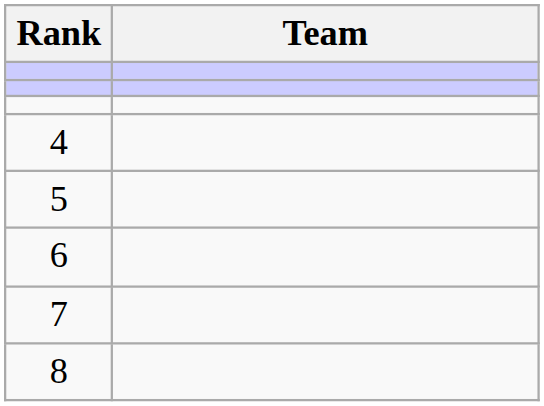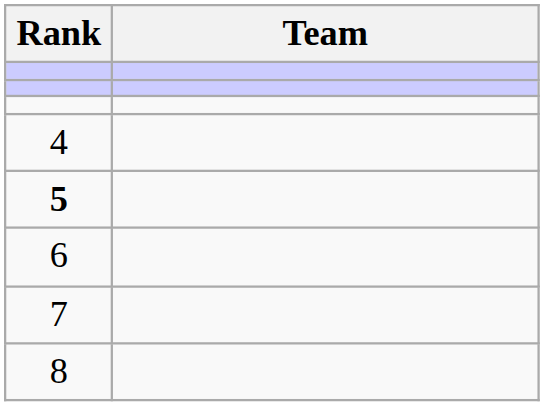 <table class="wikitable" style="text-align: center;">
 <tr>
 <th width=40>Rank</th>
 <th width=180>Team</th>
 </tr>
 <tr bgcolor=ccccff>
 <td></td>
 <td align=left></td>
 </tr>
 <tr bgcolor=ccccff>
 <td></td>
 <td align=left></td>
 </tr>
 <tr>
 <td></td>
 <td align=left></td>
 </tr>
 <tr>
 <td>4</td>
 <td align=left></td>
 </tr>
 <tr>
-<td>5</td>
+<td><strong>5</strong></td>
 <td align=left></td>
 </tr>
 <tr>
 <td>6</td>
 <td align=left></td>
 </tr>
 <tr>
 <td>7</td>
 <td align=left></td>
 </tr>
 <tr>
 <td>8</td>
 <td align=left></td>
 </tr>
 </table>
